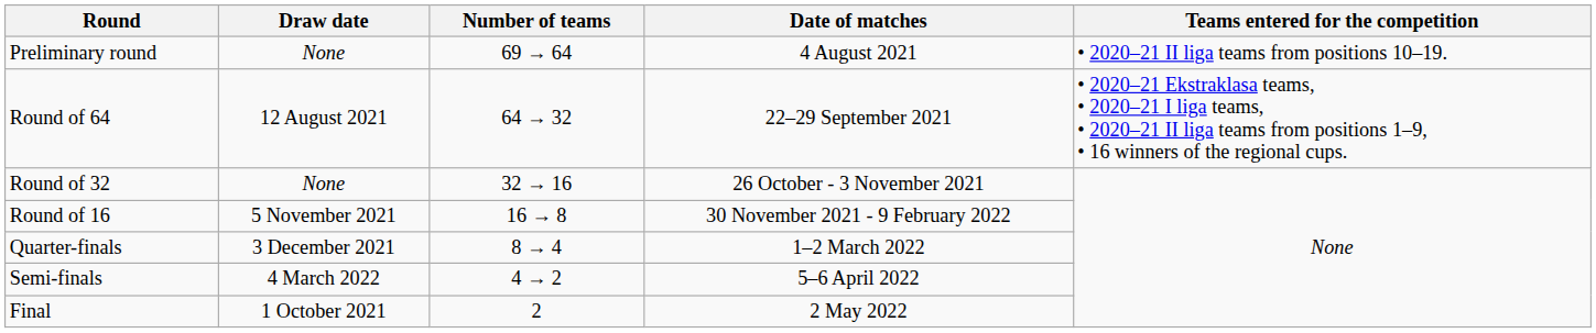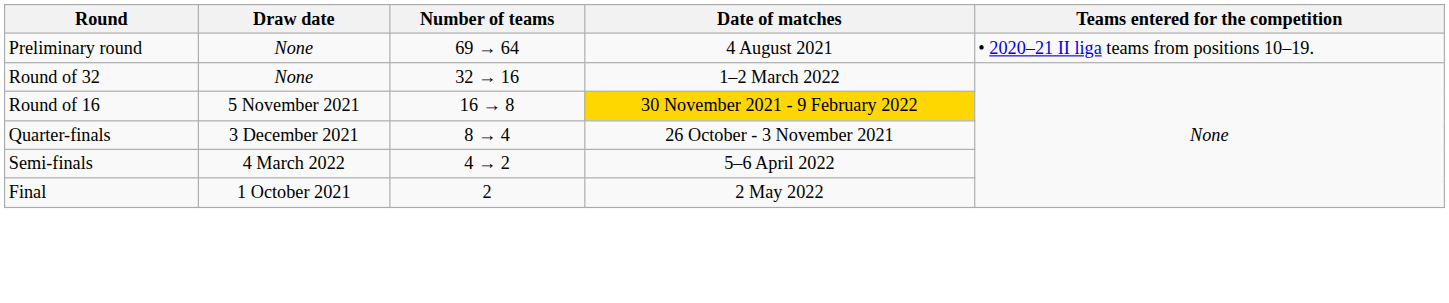 <table class="wikitable" style="width:100%; text–align:right">
 <tr>
 <th>Round</th>
 <th>Draw date</th>
 <th>Number of teams</th>
 <th>Date of matches</th>
 <th>Teams entered for the competition</th>
 </tr>
 <tr>
 <td align="left">Preliminary round</td>
 <td align="center"><em>None</em></td>
 <td align="center">69 → 64</td>
 <td align="center">4 August 2021</td>
 <td align="left">• <a href='#'>2020–21 II liga</a> teams from positions 10–19.</td>
 </tr>
 <tr>
-<td align="left">Round of 64</td>
-<td align="center">12 August 2021</td>
-<td align="center">64 → 32</td>
-<td align="center">22–29 September 2021</td>
-<td align="left">• <a href='#'>2020–21 Ekstraklasa</a> teams,<br>• <a href='#'>2020–21 I liga</a> teams,<br>• <a href='#'>2020–21 II liga</a> teams from positions 1–9,<br>• 16 winners of the regional cups.</td>
-</tr>
-<tr>
 <td align="left">Round of 32</td>
 <td align="center"><em>None</em></td>
 <td align="center">32 → 16</td>
-<td align="center">26 October - 3 November 2021</td>
+<td align="center">1–2 March 2022</td>
 <td rowspan="5" align="center"><em>None</em></td>
 </tr>
 <tr>
 <td align="left">Round of 16</td>
 <td align="center">5 November 2021</td>
 <td align="center">16 → 8</td>
-<td align="center">30 November 2021 - 9 February 2022</td>
+<td align="center" style="background: gold;">30 November 2021 - 9 February 2022</td>
 </tr>
 <tr>
 <td align="left">Quarter-finals</td>
 <td align="center">3 December 2021</td>
 <td align="center">8 → 4</td>
-<td align="center">1–2 March 2022</td>
+<td align="center">26 October - 3 November 2021</td>
 </tr>
 <tr>
 <td align="left">Semi-finals</td>
 <td align="center">4 March 2022</td>
 <td align="center">4 → 2</td>
 <td align="center">5–6 April 2022</td>
 </tr>
 <tr>
 <td align="left">Final</td>
 <td align="center">1 October 2021</td>
 <td align="center">2</td>
 <td align="center">2 May 2022</td>
 </tr>
 </table>
